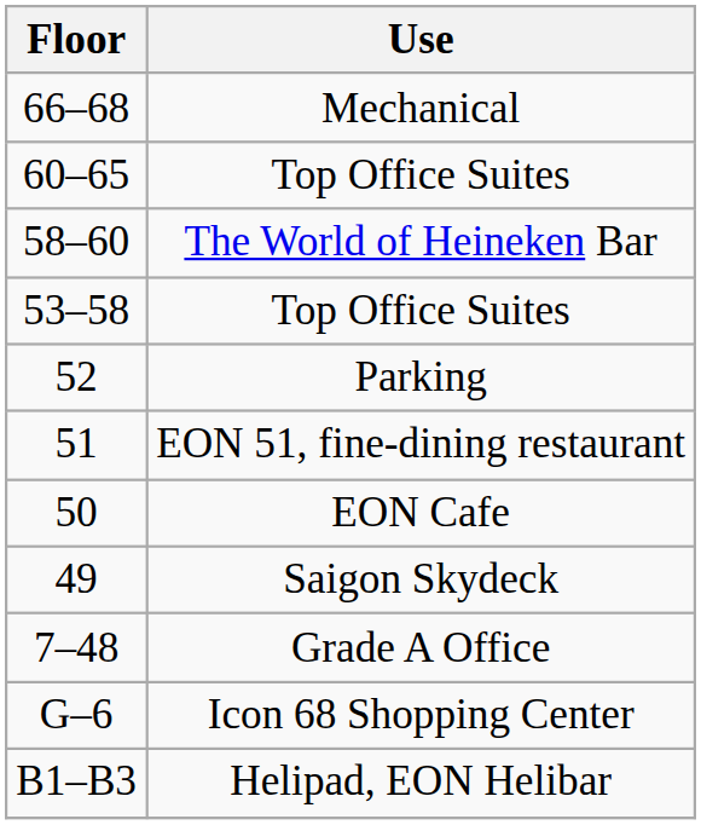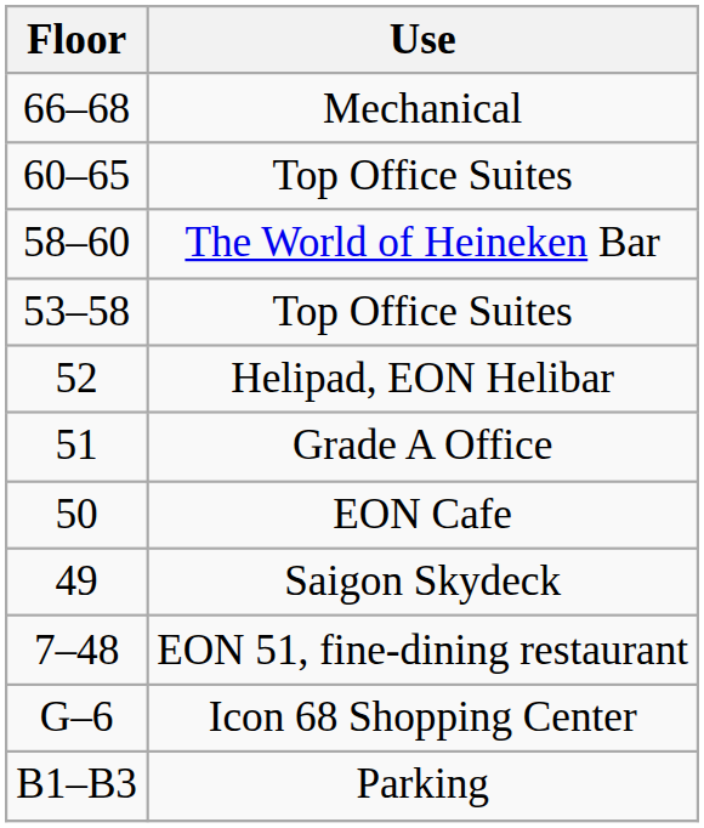 <table class="wikitable" style="text-align:center">
 <tr>
 <th>Floor</th>
 <th>Use</th>
 </tr>
 <tr>
 <td>66–68</td>
 <td>Mechanical</td>
 </tr>
 <tr>
 <td>60–65</td>
 <td>Top Office Suites</td>
 </tr>
 <tr>
 <td>58–60</td>
 <td><a href='#'>The World of Heineken</a> Bar</td>
 </tr>
 <tr>
 <td>53–58</td>
 <td>Top Office Suites</td>
 </tr>
 <tr>
 <td>52</td>
-<td>Parking</td>
+<td>Helipad, EON Helibar</td>
 </tr>
 <tr>
 <td>51</td>
-<td>EON 51, fine-dining restaurant</td>
+<td>Grade A Office</td>
 </tr>
 <tr>
 <td>50</td>
 <td>EON Cafe</td>
 </tr>
 <tr>
 <td>49</td>
 <td>Saigon Skydeck</td>
 </tr>
 <tr>
 <td>7–48</td>
-<td>Grade A Office</td>
+<td>EON 51, fine-dining restaurant</td>
 </tr>
 <tr>
 <td>G–6</td>
 <td>Icon 68 Shopping Center</td>
 </tr>
 <tr>
 <td>B1–B3</td>
-<td>Helipad, EON Helibar</td>
+<td>Parking</td>
 </tr>
 <tr>
 </tr>
 </table>
